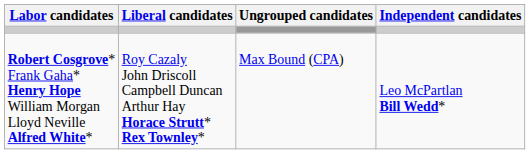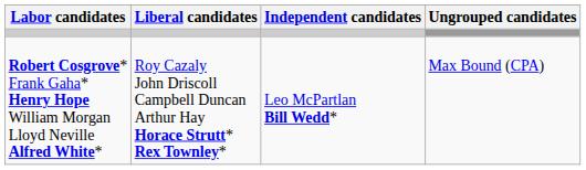 <table class="wikitable">
 <tr>
 <th><a href='#'>Labor</a> candidates</th>
 <th><a href='#'>Liberal</a> candidates</th>
+<th><a href='#'>Independent</a> candidates</th>
 <th>Ungrouped candidates</th>
-<th><a href='#'>Independent</a> candidates</th>
 </tr>
 <tr bgcolor="#cccccc">
 <td></td>
 <td></td>
+<td></td>
 <td bgcolor="#999999"></td>
-<td></td>
 </tr>
 <tr>
 <td><br><strong><a href='#'>Robert Cosgrove</a></strong>*<br> <a href='#'>Frank Gaha</a>*<br> <strong><a href='#'>Henry Hope</a></strong><br> William Morgan<br> Lloyd Neville<br> <strong><a href='#'>Alfred White</a></strong>*</td>
 <td><br><a href='#'>Roy Cazaly</a><br> John Driscoll<br> Campbell Duncan<br> Arthur Hay<br> <strong><a href='#'>Horace Strutt</a></strong>*<br> <strong><a href='#'>Rex Townley</a></strong>*</td>
+<td><br><a href='#'>Leo McPartlan</a><br> <strong><a href='#'>Bill Wedd</a></strong>*</td>
 <td valign=top><br><a href='#'>Max Bound</a> (<a href='#'>CPA</a>)</td>
-<td><br><a href='#'>Leo McPartlan</a><br> <strong><a href='#'>Bill Wedd</a></strong>*</td>
 </tr>
 </table>
